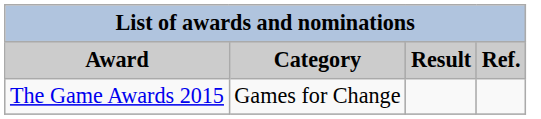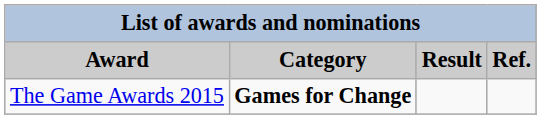 <table class="wikitable" style="font-size:90%;">
 <tr>
 <th colspan="4" style="background:#B0C4DE;">List of awards and nominations</th>
 </tr>
 <tr>
 <th style="background:#ccc;">Award</th>
 <th style="background:#ccc;">Category</th>
 <th style="background:#ccc;">Result</th>
 <th style="background:#ccc;">Ref.</th>
 </tr>
 <tr>
 <td><a href='#'>The Game Awards 2015</a></td>
-<td>Games for Change</td>
+<td><strong>Games for Change</strong></td>
 <td></td>
 <td></td>
 </tr>
 </table>
